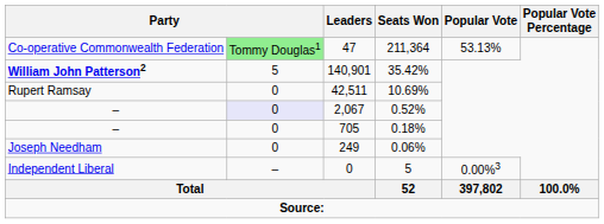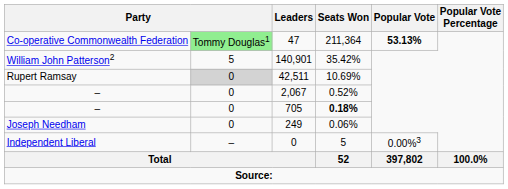 <table class="wikitable">
 <tr>
 <th colspan="2">Party</th>
 <th>Leaders</th>
 <th>Seats Won</th>
 <th>Popular Vote</th>
 <th>Popular Vote<br>Percentage</th>
 </tr>
 <tr>
 <td><a href='#'>Co-operative Commonwealth Federation</a></td>
 <td style="background: lightgreen;">Tommy Douglas<sup>1</sup></td>
 <td align=center>47</td>
 <td align=center>211,364</td>
-<td align=center>53.13%</td>
+<td align=center><strong>53.13%</strong></td>
 </tr>
 <tr>
-<td><strong><a href='#'>William John Patterson</a><sup>2</sup></strong></td>
+<td><a href='#'>William John Patterson</a><sup>2</sup></td>
 <td align=center>5</td>
 <td align=center>140,901</td>
 <td align=center>35.42%</td>
 </tr>
 <tr>
 <td>Rupert Ramsay</td>
-<td align=center>0</td>
+<td align=center style="background: lightgrey;">0</td>
 <td align=center>42,511</td>
 <td align=center>10.69%</td>
 </tr>
 <tr>
 <td align=center>–</td>
-<td align=center style="background: lavender;">0</td>
+<td align=center>0</td>
 <td align=center>2,067</td>
 <td align=center>0.52%</td>
 </tr>
 <tr>
 <td align=center>–</td>
 <td align=center>0</td>
 <td align=center>705</td>
-<td align=center>0.18%</td>
+<td align=center><strong>0.18%</strong></td>
 </tr>
 <tr>
 <td><a href='#'>Joseph Needham</a></td>
 <td align=center>0</td>
 <td align=center>249</td>
 <td align=center>0.06%</td>
 </tr>
 <tr>
 <td><a href='#'>Independent Liberal</a></td>
 <td align=center>–</td>
 <td align=center>0</td>
 <td align=center>5</td>
 <td align=center>0.00%<sup>3</sup></td>
 </tr>
 <tr>
 <th colspan=3>Total</th>
 <th>52</th>
 <th>397,802</th>
 <th>100.0%</th>
 </tr>
 <tr>
 <td align="center" colspan=6><strong>Source:</strong> </td>
 </tr>
 </table>
